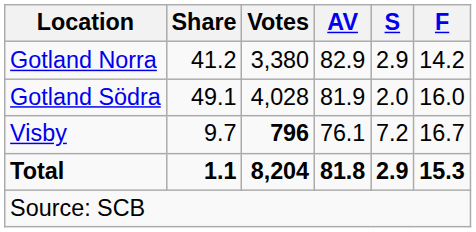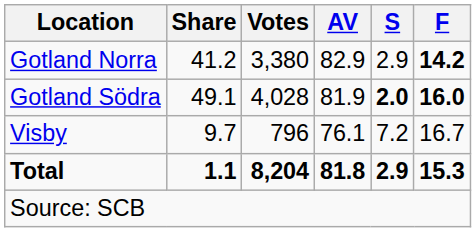 <table class="wikitable sortable" style=text-align:right>
 <tr>
 <th>Location</th>
 <th>Share</th>
 <th>Votes</th>
 <th><a href='#'>AV</a></th>
 <th><a href='#'>S</a></th>
 <th><a href='#'>F</a></th>
 </tr>
 <tr>
 <td align=left><a href='#'>Gotland Norra</a></td>
 <td>41.2</td>
 <td>3,380</td>
 <td>82.9</td>
 <td>2.9</td>
-<td>14.2</td>
+<td><strong>14.2</strong></td>
 </tr>
 <tr>
 <td align=left><a href='#'>Gotland Södra</a></td>
 <td>49.1</td>
 <td>4,028</td>
 <td>81.9</td>
-<td>2.0</td>
-<td>16.0</td>
+<td><strong>2.0</strong></td>
+<td><strong>16.0</strong></td>
 </tr>
 <tr>
 <td align=left><a href='#'>Visby</a></td>
 <td>9.7</td>
-<td><strong>796</strong></td>
+<td>796</td>
 <td>76.1</td>
 <td>7.2</td>
 <td>16.7</td>
 </tr>
 <tr>
 <td align=left><strong>Total</strong></td>
 <td><strong>1.1</strong></td>
 <td><strong>8,204</strong></td>
 <td><strong>81.8</strong></td>
 <td><strong>2.9</strong></td>
 <td><strong>15.3</strong></td>
 </tr>
 <tr>
 <td align=left colspan=6>Source: SCB </td>
 </tr>
 </table>
